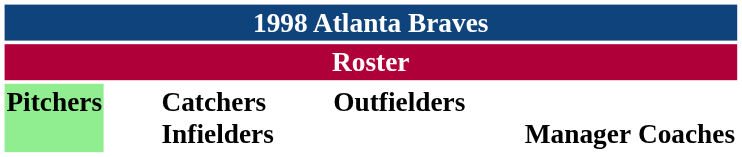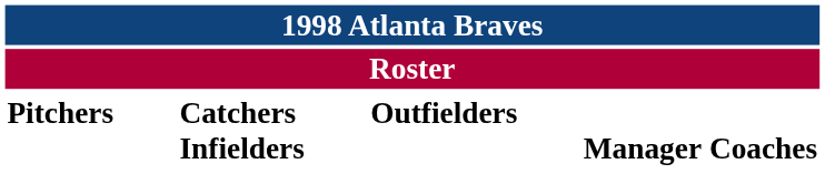 <table class="toccolours" style="font-size: 95%;">
 <tr>
 <th colspan="10" style="background-color: #0f437c; color: #FFFFFF; text-align: center;">1998 Atlanta Braves</th>
 </tr>
 <tr>
 <td colspan="10" style="background-color:#af0039; color: white; text-align: center;"><strong>Roster</strong></td>
 </tr>
 <tr>
-<td valign="top" style="background: lightgreen;"><strong>Pitchers</strong><br>                  </td>
+<td valign="top"><strong>Pitchers</strong><br>                  </td>
 <td width="25px"></td>
 <td valign="top"><strong>Catchers</strong><br>  <strong>Infielders</strong>             </td>
 <td width="25px"></td>
 <td valign="top"><strong>Outfielders</strong><br>       </td>
 <td width="25px"></td>
 <td valign="top"><br><strong>Manager</strong>  <strong>Coaches</strong>      </td>
 </tr>
 </table>
